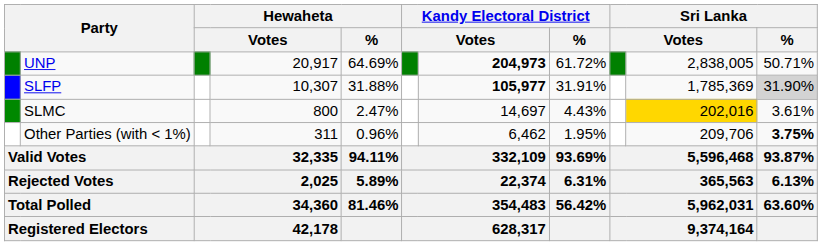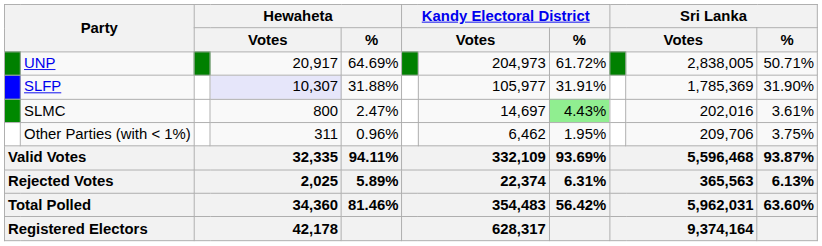 <table class="wikitable">
 <tr>
 <th colspan="2" width="144px"rowspan="2">Party</th>
 <th colspan="3" width="216px">Hewaheta</th>
 <th colspan="3" width="216px"><a href='#'>Kandy Electoral District</a></th>
 <th colspan="3" width="216px">Sri Lanka</th>
 </tr>
 <tr>
 <th colspan="2" width="144px">Votes</th>
 <th>%</th>
 <th colspan="2" width="144px">Votes</th>
 <th>%</th>
 <th colspan="2" width="144px">Votes</th>
 <th>%</th>
 </tr>
 <tr>
 <td style="background-color:green;" width="10px"></td>
 <td style="text-align:left;"><a href='#'>UNP</a></td>
 <td style="background-color:green;" width="10px"></td>
 <td style="text-align:right;">20,917</td>
 <td style="text-align:right;">64.69%</td>
 <td style="background-color:green;" width="10px"></td>
-<td style="text-align:right;"><strong>204,973</strong></td>
+<td style="text-align:right;">204,973</td>
 <td style="text-align:right;">61.72%</td>
 <td style="background-color:green;" width="10px"></td>
 <td style="text-align:right;">2,838,005</td>
 <td style="text-align:right;">50.71%</td>
 </tr>
 <tr>
 <td style="background-color:blue;" width="10px"></td>
 <td style="text-align:left;"><a href='#'>SLFP</a></td>
 <td style="background-color:white;" width="10px"></td>
-<td style="text-align:right;">10,307</td>
+<td style="background: lavender; text-align:right;">10,307</td>
 <td style="text-align:right;">31.88%</td>
 <td style="background-color:white;" width="10px"></td>
-<td style="text-align:right;"><strong>105,977</strong></td>
+<td style="text-align:right;">105,977</td>
 <td style="text-align:right;">31.91%</td>
 <td style="background-color:white;" width="10px"></td>
 <td style="text-align:right;">1,785,369</td>
-<td style="background: lightgrey; text-align:right;">31.90%</td>
+<td style="text-align:right;">31.90%</td>
 </tr>
 <tr>
 <td style="background-color:#008800;" width="10px"></td>
 <td style="text-align:left;">SLMC</td>
 <td style="background-color:white;" width="10px"></td>
 <td style="text-align:right;">800</td>
 <td style="text-align:right;">2.47%</td>
 <td style="background-color:white;" width="10px"></td>
 <td style="text-align:right;">14,697</td>
-<td style="text-align:right;">4.43%</td>
+<td style="background: lightgreen; text-align:right;">4.43%</td>
 <td style="background-color:white;" width="10px"></td>
-<td style="background: gold; text-align:right;">202,016</td>
+<td style="text-align:right;">202,016</td>
 <td style="text-align:right;">3.61%</td>
 </tr>
 <tr>
 <td style="background-color:white;" width="10px"></td>
 <td style="text-align:left;">Other Parties (with < 1%)</td>
 <td style="background-color:white;" width="10px"></td>
 <td style="text-align:right;">311</td>
 <td style="text-align:right;">0.96%</td>
 <td style="background-color:white;" width="10px"></td>
 <td style="text-align:right;">6,462</td>
 <td style="text-align:right;">1.95%</td>
 <td style="background-color:white;" width="10px"></td>
 <td style="text-align:right;">209,706</td>
-<td style="text-align:right;"><strong>3.75%</strong></td>
+<td style="text-align:right;">3.75%</td>
 </tr>
 <tr>
 <th colspan="2" width="144px"style="text-align:left;">Valid Votes</th>
 <th style="text-align:right;"colspan="2" width="144px">32,335</th>
 <th style="text-align:right;">94.11%</th>
 <th style="text-align:right;"colspan="2" width="144px">332,109</th>
 <th style="text-align:right;">93.69%</th>
 <th style="text-align:right;"colspan="2" width="144px">5,596,468</th>
 <th style="text-align:right;">93.87%</th>
 </tr>
 <tr>
 <th colspan="2" width="144px"style="text-align:left;">Rejected Votes</th>
 <th style="text-align:right;"colspan="2" width="144px">2,025</th>
 <th style="text-align:right;">5.89%</th>
 <th style="text-align:right;"colspan="2" width="144px">22,374</th>
 <th style="text-align:right;">6.31%</th>
 <th style="text-align:right;"colspan="2" width="144px">365,563</th>
 <th style="text-align:right;">6.13%</th>
 </tr>
 <tr>
 <th colspan="2" width="144px"style="text-align:left;">Total Polled</th>
 <th style="text-align:right;"colspan="2" width="144px">34,360</th>
 <th style="text-align:right;">81.46%</th>
 <th style="text-align:right;"colspan="2" width="144px">354,483</th>
 <th style="text-align:right;">56.42%</th>
 <th style="text-align:right;"colspan="2" width="144px">5,962,031</th>
 <th style="text-align:right;">63.60%</th>
 </tr>
 <tr>
 <th colspan="2" width="144px"style="text-align:left;">Registered Electors</th>
 <th style="text-align:right;"colspan="2" width="144px">42,178</th>
 <th></th>
 <th style="text-align:right;"colspan="2" width="144px">628,317</th>
 <th></th>
 <th style="text-align:right;"colspan="2" width="144px">9,374,164</th>
 <th></th>
 </tr>
 </table>
